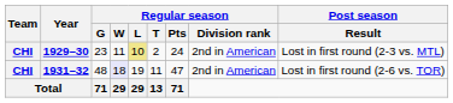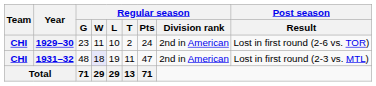 <table class="wikitable" style="font-size: 95%; text-align:center;">
 <tr>
 <th rowspan="2">Team</th>
 <th rowspan="2">Year</th>
 <th colspan="6"><a href='#'>Regular season</a></th>
 <th colspan="1"><a href='#'>Post season</a></th>
 </tr>
 <tr>
 <th>G</th>
 <th>W</th>
 <th>L</th>
 <th>T</th>
 <th>Pts</th>
 <th>Division rank</th>
 <th>Result</th>
 </tr>
 <tr>
 <th><a href='#'>CHI</a></th>
 <th><a href='#'>1929–30</a></th>
 <td>23</td>
 <td>11</td>
-<td style="background: khaki;">10</td>
+<td>10</td>
 <td>2</td>
 <td>24</td>
 <td>2nd in <a href='#'>American</a></td>
-<td>Lost in first round (2-3 vs. <a href='#'>MTL</a>)</td>
+<td>Lost in first round (2-6 vs. <a href='#'>TOR</a>)</td>
 </tr>
 <tr>
 <th><a href='#'>CHI</a></th>
 <th><a href='#'>1931–32</a></th>
 <td>48</td>
 <td style="background: lavender;">18</td>
 <td>19</td>
 <td>11</td>
 <td>47</td>
 <td>2nd in <a href='#'>American</a></td>
-<td>Lost in first round (2-6 vs. <a href='#'>TOR</a>)</td>
+<td>Lost in first round (2-3 vs. <a href='#'>MTL</a>)</td>
 </tr>
 <tr>
 <th colspan="2">Total</th>
 <th>71</th>
 <th>29</th>
 <th>29</th>
 <th>13</th>
 <th>71</th>
 </tr>
 </table>
